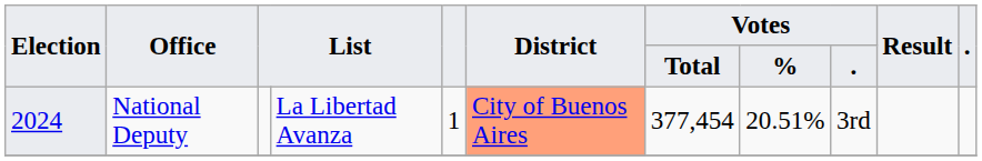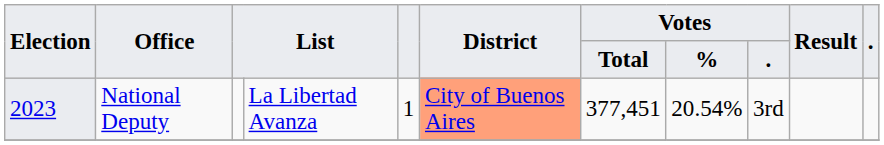 <table class="wikitable">
 <tr>
 <th style="background-color:#EAECF0;" rowspan=2>Election</th>
 <th style="background-color:#EAECF0;" rowspan=2>Office</th>
 <th style="background-color:#EAECF0;" colspan=2 rowspan=2>List</th>
 <th style="background-color:#EAECF0;" rowspan=2></th>
 <th style="background-color:#EAECF0;" rowspan=2>District</th>
 <th style="background-color:#EAECF0;" colspan=3>Votes</th>
 <th style="background-color:#EAECF0;" rowspan=2>Result</th>
 <th style="background-color:#EAECF0;" rowspan=2>.</th>
 </tr>
 <tr>
 <th style="background-color:#EAECF0;">Total</th>
 <th style="background-color:#EAECF0;">%</th>
 <th style="background-color:#EAECF0;">.</th>
 </tr>
 <tr>
-<td style="background-color:#EAECF0;"><a href='#'>2024</a></td>
+<td style="background-color:#EAECF0;"><a href='#'>2023</a></td>
 <td><a href='#'>National Deputy</a></td>
 <td style="background-color:"></td>
 <td><a href='#'>La Libertad Avanza</a></td>
 <td>1</td>
 <td style="background: lightsalmon;"><a href='#'>City of Buenos Aires</a></td>
-<td>377,454</td>
-<td>20.51%</td>
+<td>377,451</td>
+<td>20.54%</td>
 <td>3rd</td>
 <td></td>
 <td></td>
 </tr>
 <tr>
 </tr>
 </table>
